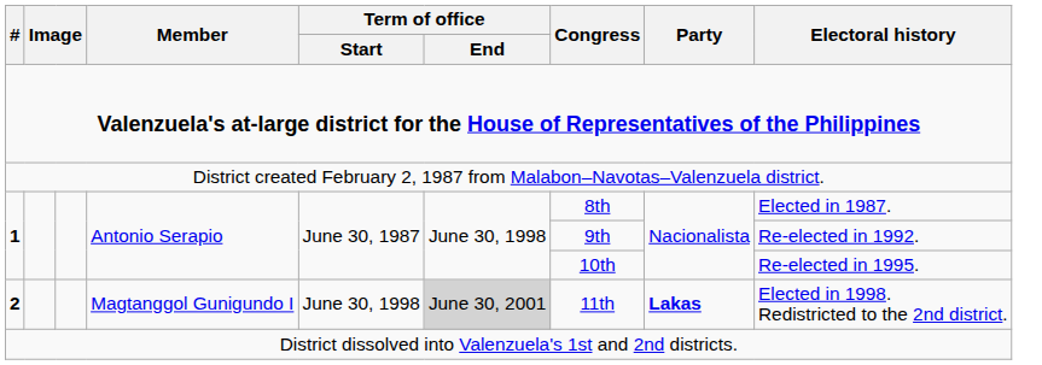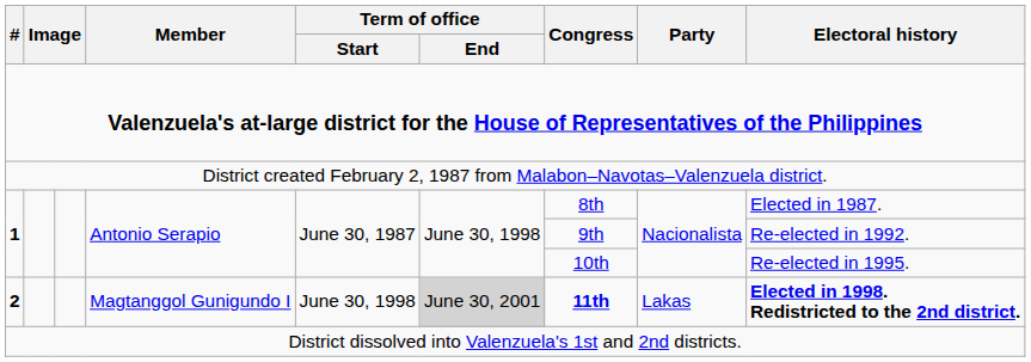 <table class=wikitable>
 <tr>
 <th rowspan="2">#</th>
 <th rowspan="2" colspan=2>Image</th>
 <th rowspan="2">Member</th>
 <th colspan=2>Term of office</th>
 <th rowspan="2">Congress</th>
 <th rowspan="2">Party</th>
 <th rowspan="2">Electoral history</th>
 </tr>
 <tr>
 <th>Start</th>
 <th>End</th>
 </tr>
 <tr>
 <td colspan="9" style="text-align:center;"><br><h3>Valenzuela's at-large district for the <a href='#'>House of Representatives of the Philippines</a></h3></td>
 </tr>
 <tr>
 <td colspan="9" style="text-align:center;">District created February 2, 1987 from <a href='#'>Malabon–Navotas–Valenzuela district</a>.</td>
 </tr>
 <tr>
 <td rowspan="3" style="text-align:center;"><strong>1</strong></td>
 <td rowspan="3" style="color:inherit;background:"></td>
 <td rowspan="3"></td>
 <td rowspan="3"><a href='#'>Antonio Serapio</a></td>
 <td rowspan="3">June 30, 1987</td>
 <td rowspan="3">June 30, 1998</td>
 <td style="text-align:center;"><a href='#'>8th</a></td>
 <td rowspan="3"><a href='#'>Nacionalista</a></td>
 <td><a href='#'>Elected in 1987</a>.</td>
 </tr>
 <tr>
 <td style="text-align:center;"><a href='#'>9th</a></td>
 <td><a href='#'>Re-elected in 1992</a>.</td>
 </tr>
 <tr>
 <td style="text-align:center;"><a href='#'>10th</a></td>
 <td><a href='#'>Re-elected in 1995</a>.</td>
 </tr>
 <tr>
 <td style="text-align:center;"><strong>2</strong></td>
 <td style="color:inherit;background:"></td>
 <td></td>
 <td><a href='#'>Magtanggol Gunigundo I</a></td>
 <td>June 30, 1998</td>
 <td style="background: lightgrey;">June 30, 2001</td>
-<td style="text-align:center;"><a href='#'>11th</a></td>
-<td><strong><a href='#'>Lakas</a></strong></td>
-<td><a href='#'>Elected in 1998</a>.<br>Redistricted to the <a href='#'>2nd district</a>.</td>
+<td style="text-align:center;"><strong><a href='#'>11th</a></strong></td>
+<td><a href='#'>Lakas</a></td>
+<td><strong><a href='#'>Elected in 1998</a>.<br>Redistricted to the <a href='#'>2nd district</a>.</strong></td>
 </tr>
 <tr>
 <td colspan="9" style="text-align:center;">District dissolved into <a href='#'>Valenzuela's 1st</a> and <a href='#'>2nd</a> districts.</td>
 </tr>
 </table>
